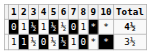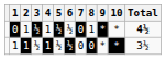 <table class="wikitable" style="text-align:center">
 <tr>
 <th></th>
 <th>1</th>
 <th>2</th>
 <th>3</th>
 <th>4</th>
 <th>5</th>
 <th>6</th>
 <th>7</th>
 <th>8</th>
 <th>9</th>
 <th>10</th>
 <th>Total</th>
 </tr>
 <tr>
 <td align=left></td>
 <td style="background:black; color:white">0</td>
 <td>1</td>
 <td style="background:black; color:white">½</td>
 <td>1</td>
 <td style="background:black; color:white">½</td>
 <td>½</td>
 <td style="background:black; color:white">0</td>
 <td>1</td>
 <td style="background:black; color:white">*</td>
 <td>*</td>
 <td><strong>4½</strong></td>
 </tr>
 <tr>
 <td align=left></td>
 <td>1</td>
 <td style="background:black; color:white">1</td>
 <td>½</td>
-<td style="background:black; color:white">0</td>
+<td style="background:black; color:white">1</td>
 <td>½</td>
 <td style="background:black; color:white">½</td>
-<td>1</td>
+<td>0</td>
 <td style="background:black; color:white">0</td>
 <td>*</td>
 <td style="background:black; color:white">*</td>
 <td>3½</td>
 </tr>
 </table>
